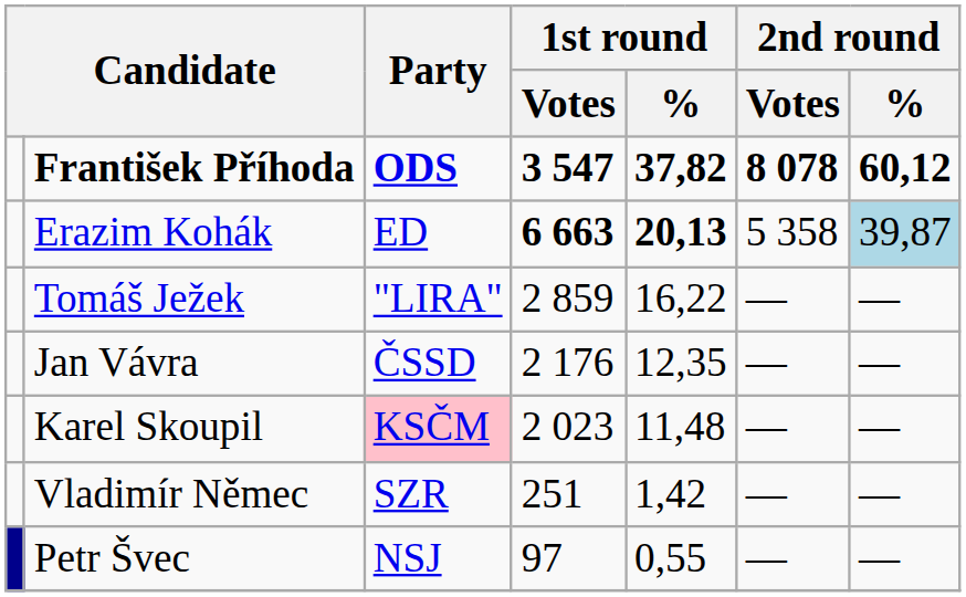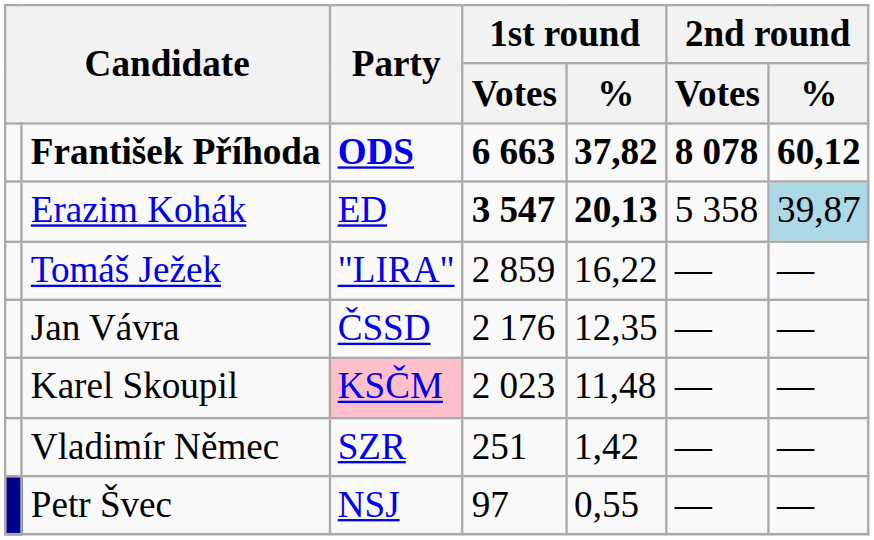 <table class="wikitable sortable">
 <tr>
 <th colspan="2" rowspan="2">Candidate</th>
 <th rowspan="2">Party</th>
 <th colspan="2">1st round</th>
 <th colspan="2">2nd round</th>
 </tr>
 <tr>
 <th>Votes</th>
 <th>%</th>
 <th>Votes</th>
 <th>%</th>
 </tr>
 <tr>
 <td style="background-color:"></td>
 <td><strong>František Příhoda</strong></td>
 <td><a href='#'><strong>ODS</strong></a></td>
-<td><strong>3 547</strong></td>
+<td><strong>6 663</strong></td>
 <td><strong>37,82</strong></td>
 <td><strong>8 078</strong></td>
 <td><strong>60,12</strong></td>
 </tr>
 <tr>
 <td style="background-color:"></td>
 <td><a href='#'>Erazim Kohák</a></td>
 <td><a href='#'>ED</a></td>
-<td><strong>6 663</strong></td>
+<td><strong>3 547</strong></td>
 <td><strong>20,13</strong></td>
 <td>5 358</td>
 <td style="background: lightblue;">39,87</td>
 </tr>
 <tr>
 <td style="background-color:"></td>
 <td><a href='#'>Tomáš Ježek</a></td>
 <td><a href='#'>"LIRA"</a></td>
 <td>2 859</td>
 <td>16,22</td>
 <td>—</td>
 <td>—</td>
 </tr>
 <tr>
 <td style="background-color:"></td>
 <td>Jan Vávra</td>
 <td><a href='#'>ČSSD</a></td>
 <td>2 176</td>
 <td>12,35</td>
 <td>—</td>
 <td>—</td>
 </tr>
 <tr>
 <td style="background-color:"></td>
 <td>Karel Skoupil</td>
 <td style="background: pink;"><a href='#'>KSČM</a></td>
 <td>2 023</td>
 <td>11,48</td>
 <td>—</td>
 <td>—</td>
 </tr>
 <tr>
 <td style="background-color:"></td>
 <td>Vladimír Němec</td>
 <td><a href='#'>SZR</a></td>
 <td>251</td>
 <td>1,42</td>
 <td>—</td>
 <td>—</td>
 </tr>
 <tr>
 <td style="background-color:darkblue;"></td>
 <td>Petr Švec</td>
 <td><a href='#'>NSJ</a></td>
 <td>97</td>
 <td>0,55</td>
 <td>—</td>
 <td>—</td>
 </tr>
 <tr>
 </tr>
 </table>
